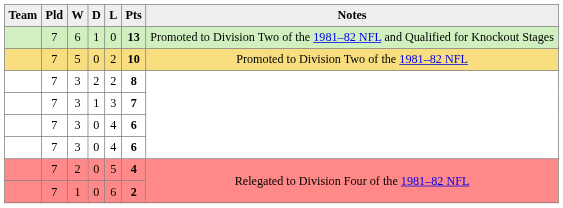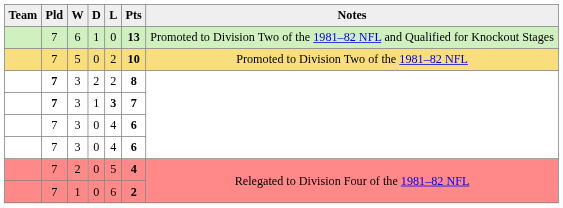 <table style=border-collapse:collapse border=1 cellspacing=0 cellpadding=5>
 <tr align=center bgcolor=#efefef>
 <th>Team</th>
 <th>Pld</th>
 <th>W</th>
 <th>D</th>
 <th>L</th>
 <th>Pts</th>
 <th>Notes</th>
 </tr>
 <tr align=center style="background:#D0F0C0;">
 <td style="text-align:left;"> </td>
 <td>7</td>
 <td>6</td>
 <td>1</td>
 <td>0</td>
 <td><strong>13</strong></td>
 <td rowspan=1>Promoted to Division Two of the <a href='#'>1981–82 NFL</a> and Qualified for Knockout Stages</td>
 </tr>
 <tr align=center style="background:#F8DE7E;">
 <td style="text-align:left;"> </td>
 <td>7</td>
 <td>5</td>
 <td>0</td>
 <td>2</td>
 <td><strong>10</strong></td>
 <td rowspan=1>Promoted to Division Two of the <a href='#'>1981–82 NFL</a></td>
 </tr>
 <tr align=center style="background:#FFFFFF;">
 <td style="text-align:left;"> </td>
-<td>7</td>
+<td><strong>7</strong></td>
 <td>3</td>
 <td>2</td>
 <td>2</td>
 <td><strong>8</strong></td>
 <td rowspan=4></td>
 </tr>
 <tr align=center style="background:#FFFFFF;">
 <td style="text-align:left;"> </td>
-<td>7</td>
+<td><strong>7</strong></td>
 <td>3</td>
 <td>1</td>
-<td>3</td>
+<td><strong>3</strong></td>
 <td><strong>7</strong></td>
 </tr>
 <tr align=center style="background:#FFFFFF;">
 <td style="text-align:left;"> </td>
 <td>7</td>
 <td>3</td>
 <td>0</td>
 <td>4</td>
 <td><strong>6</strong></td>
 </tr>
 <tr align=center style="background:#FFFFFF;">
 <td style="text-align:left;"> </td>
 <td>7</td>
 <td>3</td>
 <td>0</td>
 <td>4</td>
 <td><strong>6</strong></td>
 </tr>
 <tr align=center style="background:#FF8888;">
 <td style="text-align:left;"> </td>
 <td>7</td>
 <td>2</td>
 <td>0</td>
 <td>5</td>
 <td><strong>4</strong></td>
 <td rowspan=2>Relegated to Division Four of the <a href='#'>1981–82 NFL</a></td>
 </tr>
 <tr align=center style="background:#FF8888;">
 <td style="text-align:left;"> </td>
 <td>7</td>
 <td>1</td>
 <td>0</td>
 <td>6</td>
 <td><strong>2</strong></td>
 </tr>
 </table>
